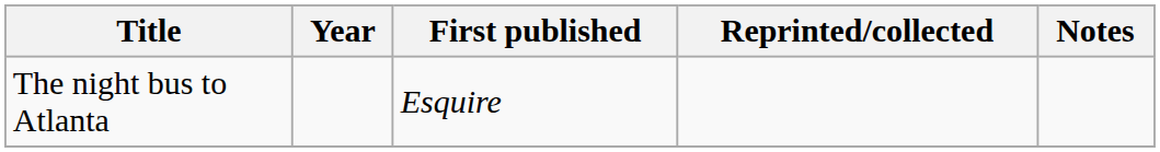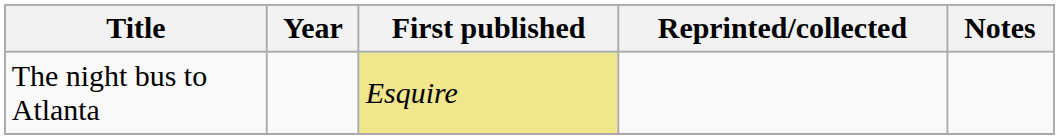 <table class='wikitable sortable' width='90%'>
 <tr>
 <th width=25%>Title</th>
 <th>Year</th>
 <th>First published</th>
 <th>Reprinted/collected</th>
 <th>Notes</th>
 </tr>
 <tr>
 <td>The night bus to Atlanta</td>
 <td></td>
-<td><em>Esquire</em></td>
+<td style="background: khaki;"><em>Esquire</em></td>
 <td></td>
 <td></td>
 </tr>
 <tr>
 </tr>
 </table>
